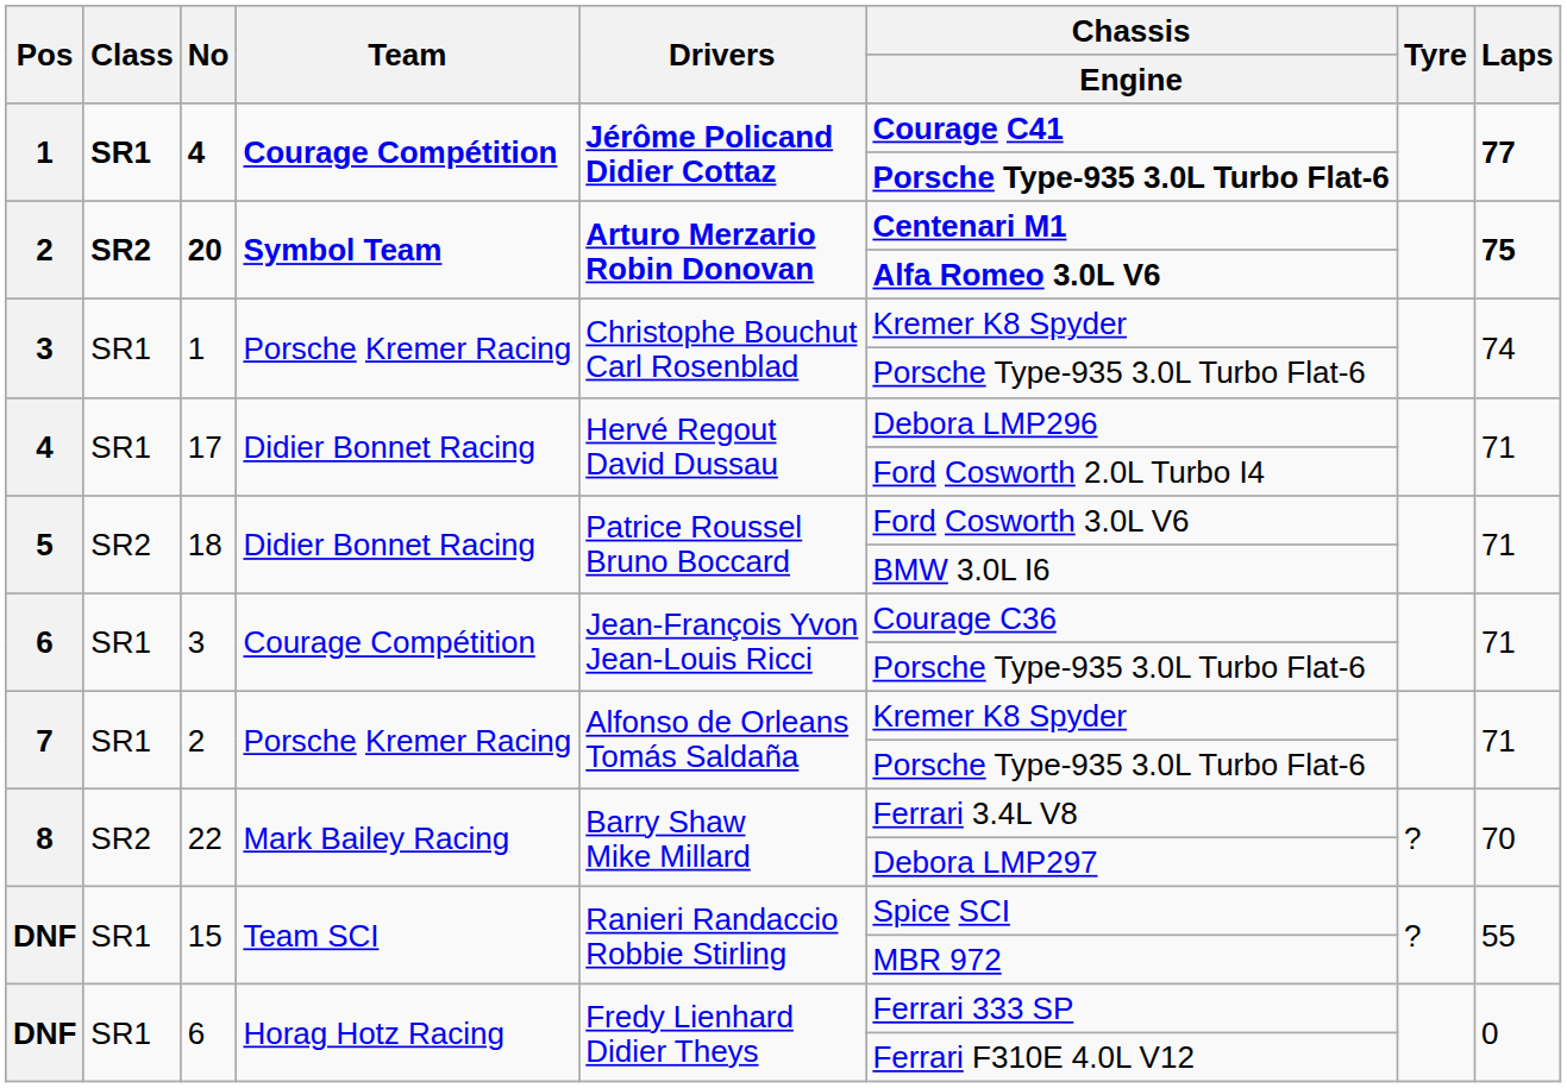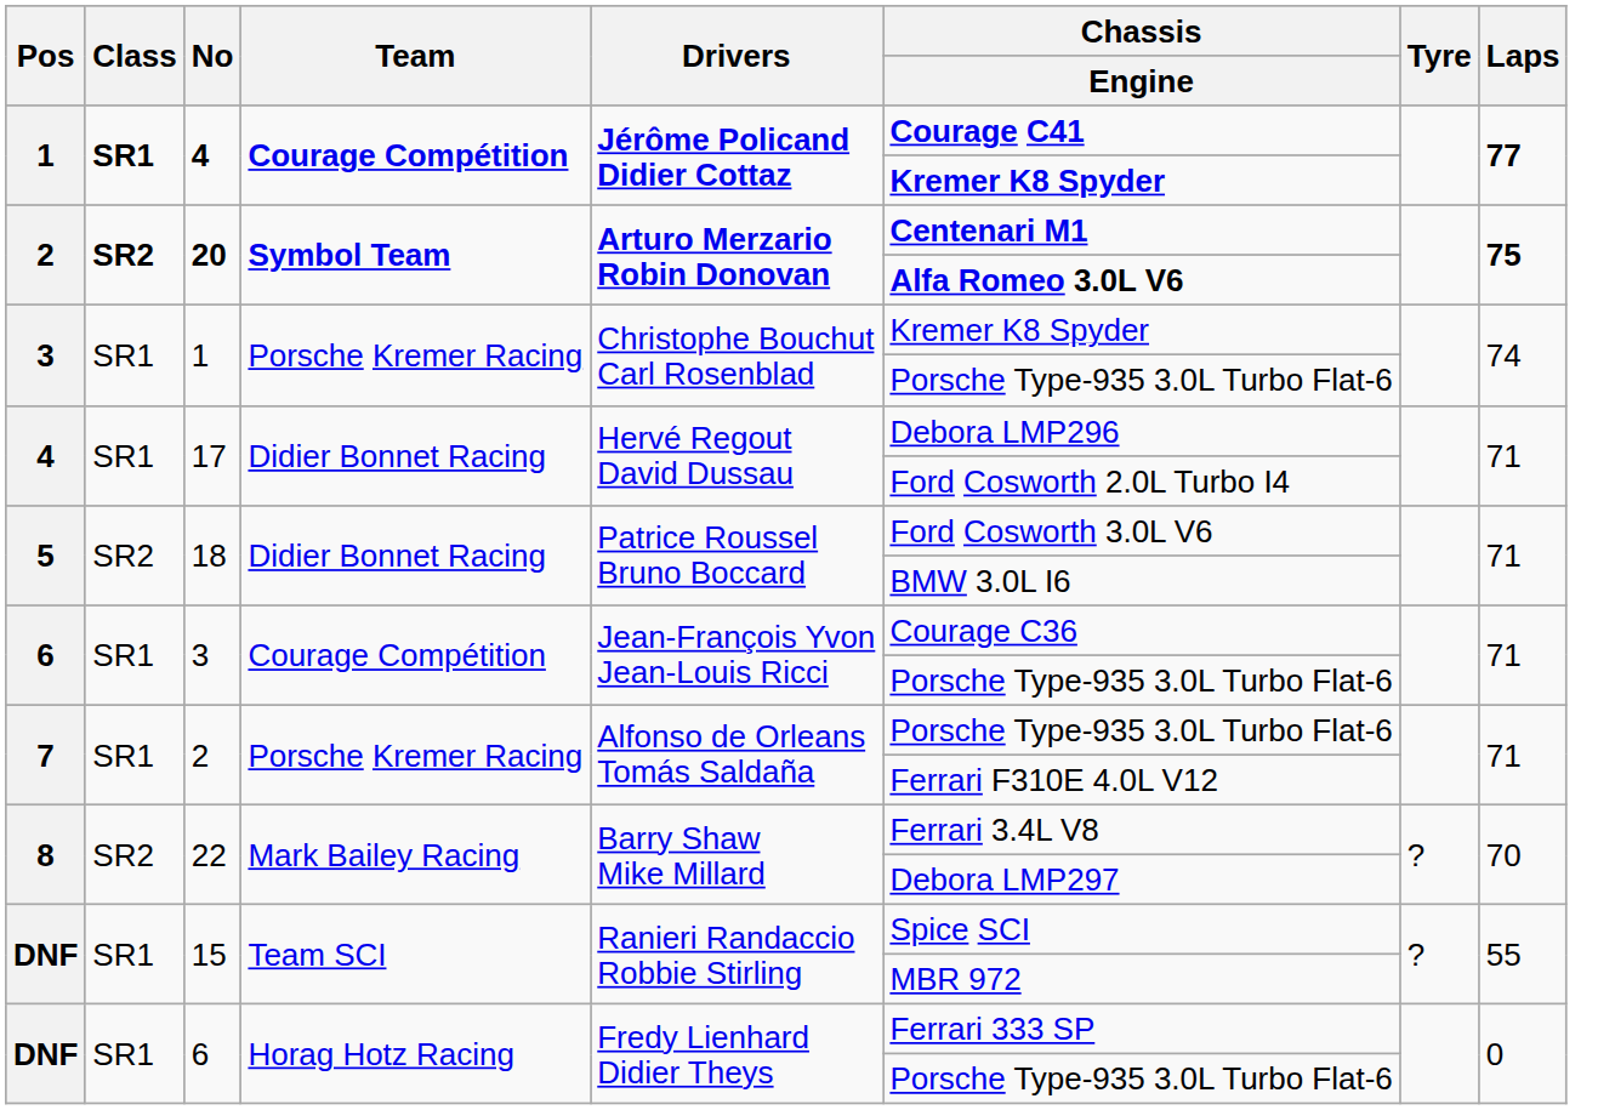 <table class="wikitable" style="font-size: 95%;">
 <tr>
 <th rowspan=2>Pos</th>
 <th rowspan=2>Class</th>
 <th rowspan=2>No</th>
 <th rowspan=2>Team</th>
 <th rowspan=2>Drivers</th>
 <th>Chassis</th>
 <th rowspan=2>Tyre</th>
 <th rowspan=2>Laps</th>
 </tr>
 <tr>
 <th>Engine</th>
 </tr>
 <tr style="font-weight:bold">
 <th rowspan=2>1</th>
 <td rowspan=2>SR1</td>
 <td rowspan=2>4</td>
 <td rowspan=2> <a href='#'>Courage Compétition</a></td>
 <td rowspan=2> <a href='#'>Jérôme Policand</a><br> <a href='#'>Didier Cottaz</a></td>
 <td><a href='#'>Courage</a> <a href='#'>C41</a></td>
 <td rowspan=2></td>
 <td rowspan=2>77</td>
 </tr>
 <tr style="font-weight:bold">
-<td><a href='#'>Porsche</a> Type-935 3.0L Turbo Flat-6</td>
+<td><a href='#'>Kremer K8 Spyder</a></td>
 </tr>
 <tr style="font-weight:bold">
 <th rowspan=2>2</th>
 <td rowspan=2>SR2</td>
 <td rowspan=2>20</td>
 <td rowspan=2> <a href='#'>Symbol Team</a></td>
 <td rowspan=2> <a href='#'>Arturo Merzario</a><br> <a href='#'>Robin Donovan</a></td>
 <td><a href='#'>Centenari M1</a></td>
 <td rowspan=2></td>
 <td rowspan=2>75</td>
 </tr>
 <tr style="font-weight:bold">
 <td><a href='#'>Alfa Romeo</a> 3.0L V6</td>
 </tr>
 <tr>
 <th rowspan=2>3</th>
 <td rowspan=2>SR1</td>
 <td rowspan=2>1</td>
 <td rowspan=2> <a href='#'>Porsche</a> <a href='#'>Kremer Racing</a></td>
 <td rowspan=2> <a href='#'>Christophe Bouchut</a><br> <a href='#'>Carl Rosenblad</a></td>
 <td><a href='#'>Kremer K8 Spyder</a></td>
 <td rowspan=2></td>
 <td rowspan=2>74</td>
 </tr>
 <tr>
 <td><a href='#'>Porsche</a> Type-935 3.0L Turbo Flat-6</td>
 </tr>
 <tr>
 <th rowspan=2>4</th>
 <td rowspan=2>SR1</td>
 <td rowspan=2>17</td>
 <td rowspan=2> <a href='#'>Didier Bonnet Racing</a></td>
 <td rowspan=2> <a href='#'>Hervé Regout</a><br> <a href='#'>David Dussau</a></td>
 <td><a href='#'>Debora LMP296</a></td>
 <td rowspan=2></td>
 <td rowspan=2>71</td>
 </tr>
 <tr>
 <td><a href='#'>Ford</a> <a href='#'>Cosworth</a> 2.0L Turbo I4</td>
 </tr>
 <tr>
 <th rowspan=2>5</th>
 <td rowspan=2>SR2</td>
 <td rowspan=2>18</td>
 <td rowspan=2> <a href='#'>Didier Bonnet Racing</a></td>
 <td rowspan=2> <a href='#'>Patrice Roussel</a><br> <a href='#'>Bruno Boccard</a></td>
 <td><a href='#'>Ford</a> <a href='#'>Cosworth</a> 3.0L V6</td>
 <td rowspan=2></td>
 <td rowspan=2>71</td>
 </tr>
 <tr>
 <td><a href='#'>BMW</a> 3.0L I6</td>
 </tr>
 <tr>
 <th rowspan=2>6</th>
 <td rowspan=2>SR1</td>
 <td rowspan=2>3</td>
 <td rowspan=2> <a href='#'>Courage Compétition</a></td>
 <td rowspan=2> <a href='#'>Jean-François Yvon</a><br> <a href='#'>Jean-Louis Ricci</a></td>
 <td><a href='#'>Courage C36</a></td>
 <td rowspan=2></td>
 <td rowspan=2>71</td>
 </tr>
 <tr>
 <td><a href='#'>Porsche</a> Type-935 3.0L Turbo Flat-6</td>
 </tr>
 <tr>
 <th rowspan=2>7</th>
 <td rowspan=2>SR1</td>
 <td rowspan=2>2</td>
 <td rowspan=2> <a href='#'>Porsche</a> <a href='#'>Kremer Racing</a></td>
 <td rowspan=2> <a href='#'>Alfonso de Orleans</a><br> <a href='#'>Tomás Saldaña</a></td>
-<td><a href='#'>Kremer K8 Spyder</a></td>
+<td><a href='#'>Porsche</a> Type-935 3.0L Turbo Flat-6</td>
 <td rowspan=2></td>
 <td rowspan=2>71</td>
 </tr>
 <tr>
-<td><a href='#'>Porsche</a> Type-935 3.0L Turbo Flat-6</td>
+<td><a href='#'>Ferrari</a> F310E 4.0L V12</td>
 </tr>
 <tr>
 <th rowspan=2>8</th>
 <td rowspan=2>SR2</td>
 <td rowspan=2>22</td>
 <td rowspan=2> <a href='#'>Mark Bailey Racing</a></td>
 <td rowspan=2> <a href='#'>Barry Shaw</a><br> <a href='#'>Mike Millard</a></td>
 <td><a href='#'>Ferrari</a> 3.4L V8</td>
 <td rowspan=2>?</td>
 <td rowspan=2>70</td>
 </tr>
 <tr>
 <td><a href='#'>Debora LMP297</a></td>
 </tr>
 <tr>
 <th rowspan=2>DNF</th>
 <td rowspan=2>SR1</td>
 <td rowspan=2>15</td>
 <td rowspan=2> <a href='#'>Team SCI</a></td>
 <td rowspan=2> <a href='#'>Ranieri Randaccio</a><br> <a href='#'>Robbie Stirling</a></td>
 <td><a href='#'>Spice</a> <a href='#'>SCI</a></td>
 <td rowspan=2>?</td>
 <td rowspan=2>55</td>
 </tr>
 <tr>
 <td><a href='#'>MBR 972</a></td>
 </tr>
 <tr>
 <th rowspan=2>DNF</th>
 <td rowspan=2>SR1</td>
 <td rowspan=2>6</td>
 <td rowspan=2> <a href='#'>Horag Hotz Racing</a></td>
 <td rowspan=2> <a href='#'>Fredy Lienhard</a><br> <a href='#'>Didier Theys</a></td>
 <td><a href='#'>Ferrari 333 SP</a></td>
 <td rowspan=2></td>
 <td rowspan=2>0</td>
 </tr>
 <tr>
-<td><a href='#'>Ferrari</a> F310E 4.0L V12</td>
+<td><a href='#'>Porsche</a> Type-935 3.0L Turbo Flat-6</td>
 </tr>
 </table>
